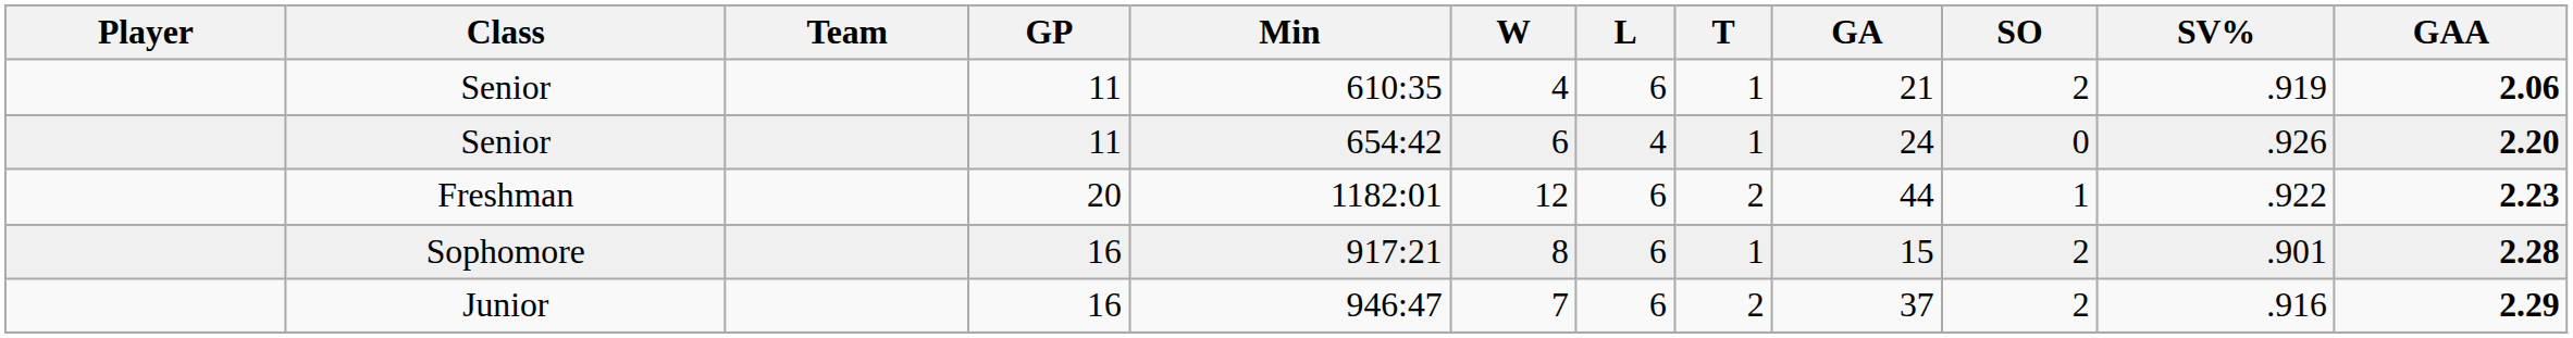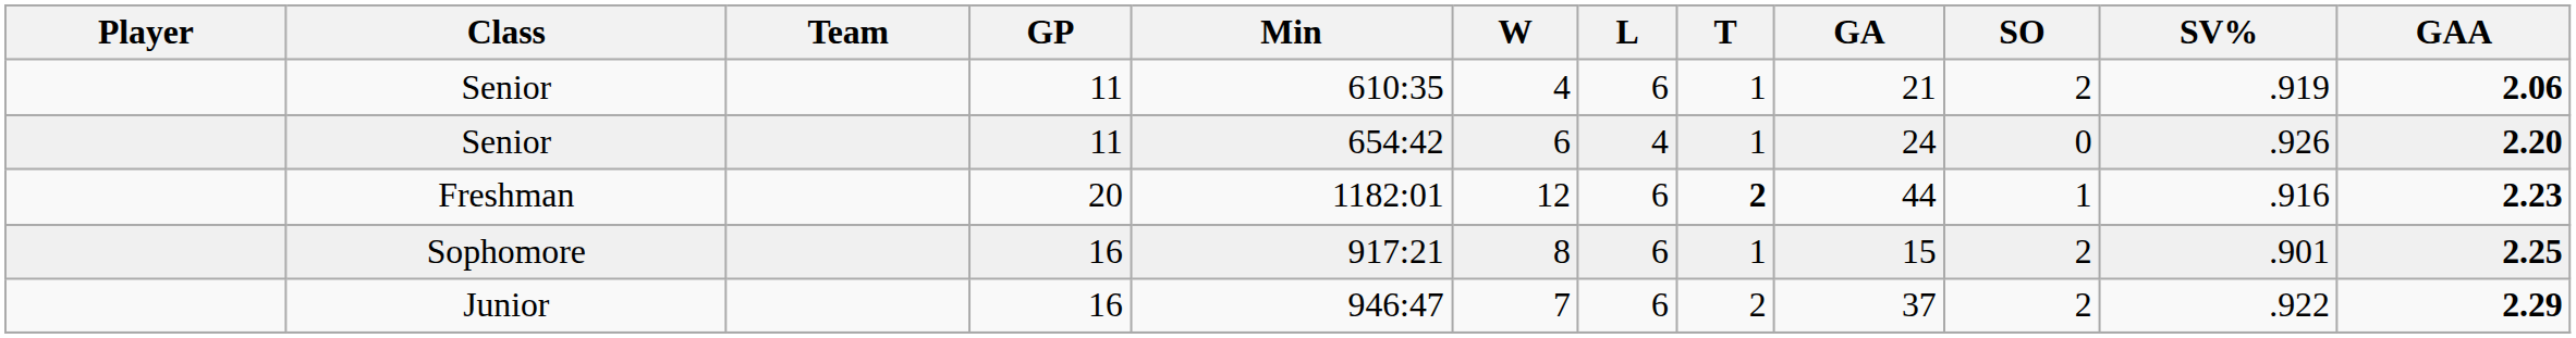 <table class="wikitable sortable" style="text-align: center; "width=60%">
 <tr>
 <th>Player</th>
 <th>Class</th>
 <th>Team</th>
 <th>GP</th>
 <th>Min</th>
 <th>W</th>
 <th>L</th>
 <th>T</th>
 <th>GA</th>
 <th>SO</th>
 <th>SV%</th>
 <th>GAA</th>
 </tr>
 <tr>
 <td style="text-align: left"></td>
 <td>Senior</td>
 <td><strong><a href='#'></a></strong></td>
 <td style="text-align: right">11</td>
 <td style="text-align: right">610:35</td>
 <td style="text-align: right">4</td>
 <td style="text-align: right">6</td>
 <td style="text-align: right">1</td>
 <td style="text-align: right">21</td>
 <td style="text-align: right">2</td>
 <td style="text-align: right">.919</td>
 <td style="text-align: right"><strong>2.06</strong></td>
 </tr>
 <tr bgcolor=f0f0f0>
 <td style="text-align: left"></td>
 <td>Senior</td>
 <td><strong><a href='#'></a></strong></td>
 <td style="text-align: right">11</td>
 <td style="text-align: right">654:42</td>
 <td style="text-align: right">6</td>
 <td style="text-align: right">4</td>
 <td style="text-align: right">1</td>
 <td style="text-align: right">24</td>
 <td style="text-align: right">0</td>
 <td style="text-align: right">.926</td>
 <td style="text-align: right"><strong>2.20</strong></td>
 </tr>
 <tr>
 <td style="text-align: left"></td>
 <td>Freshman</td>
 <td><strong><a href='#'></a></strong></td>
 <td style="text-align: right">20</td>
 <td style="text-align: right">1182:01</td>
 <td style="text-align: right">12</td>
 <td style="text-align: right">6</td>
-<td style="text-align: right">2</td>
+<td style="text-align: right"><strong>2</strong></td>
 <td style="text-align: right">44</td>
 <td style="text-align: right">1</td>
-<td style="text-align: right">.922</td>
+<td style="text-align: right">.916</td>
 <td style="text-align: right"><strong>2.23</strong></td>
 </tr>
 <tr bgcolor=f0f0f0>
 <td style="text-align: left"></td>
 <td>Sophomore</td>
 <td><strong><a href='#'></a></strong></td>
 <td style="text-align: right">16</td>
 <td style="text-align: right">917:21</td>
 <td style="text-align: right">8</td>
 <td style="text-align: right">6</td>
 <td style="text-align: right">1</td>
 <td style="text-align: right">15</td>
 <td style="text-align: right">2</td>
 <td style="text-align: right">.901</td>
-<td style="text-align: right"><strong>2.28</strong></td>
+<td style="text-align: right"><strong>2.25</strong></td>
 </tr>
 <tr>
 <td style="text-align: left"></td>
 <td>Junior</td>
 <td><strong><a href='#'></a></strong></td>
 <td style="text-align: right">16</td>
 <td style="text-align: right">946:47</td>
 <td style="text-align: right">7</td>
 <td style="text-align: right">6</td>
 <td style="text-align: right">2</td>
 <td style="text-align: right">37</td>
 <td style="text-align: right">2</td>
-<td style="text-align: right">.916</td>
+<td style="text-align: right">.922</td>
 <td style="text-align: right"><strong>2.29</strong></td>
 </tr>
 <tr>
 </tr>
 </table>
